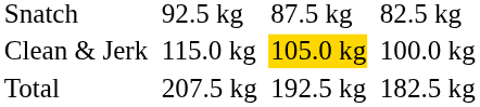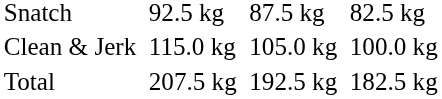 <table>
 <tr>
 <td>Snatch</td>
 <td></td>
 <td>92.5 kg</td>
 <td></td>
 <td>87.5 kg</td>
 <td></td>
 <td>82.5 kg</td>
 </tr>
 <tr>
 <td>Clean & Jerk</td>
 <td></td>
 <td>115.0 kg</td>
 <td></td>
-<td style="background: gold;">105.0 kg</td>
+<td>105.0 kg</td>
 <td></td>
 <td>100.0 kg</td>
 </tr>
 <tr>
 <td>Total</td>
 <td></td>
 <td>207.5 kg</td>
 <td></td>
 <td>192.5 kg</td>
 <td></td>
 <td>182.5 kg</td>
 </tr>
 </table>
